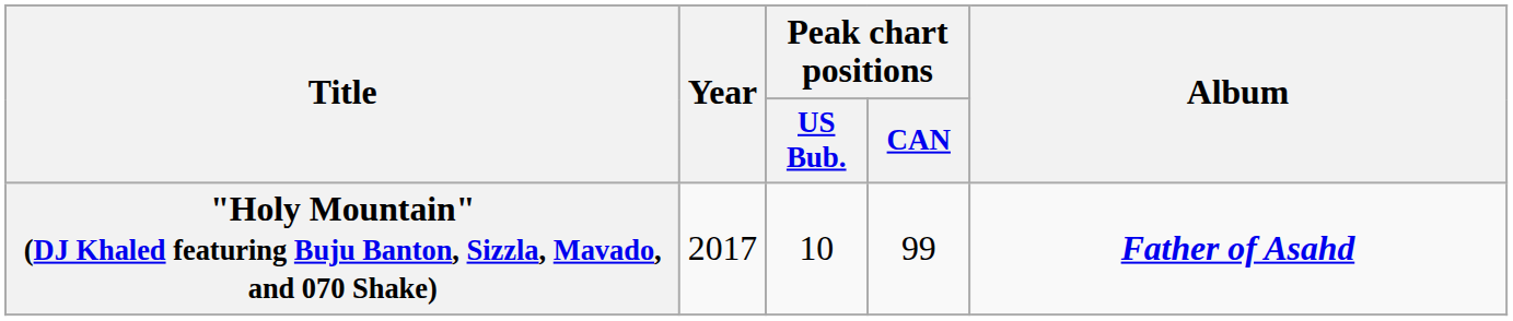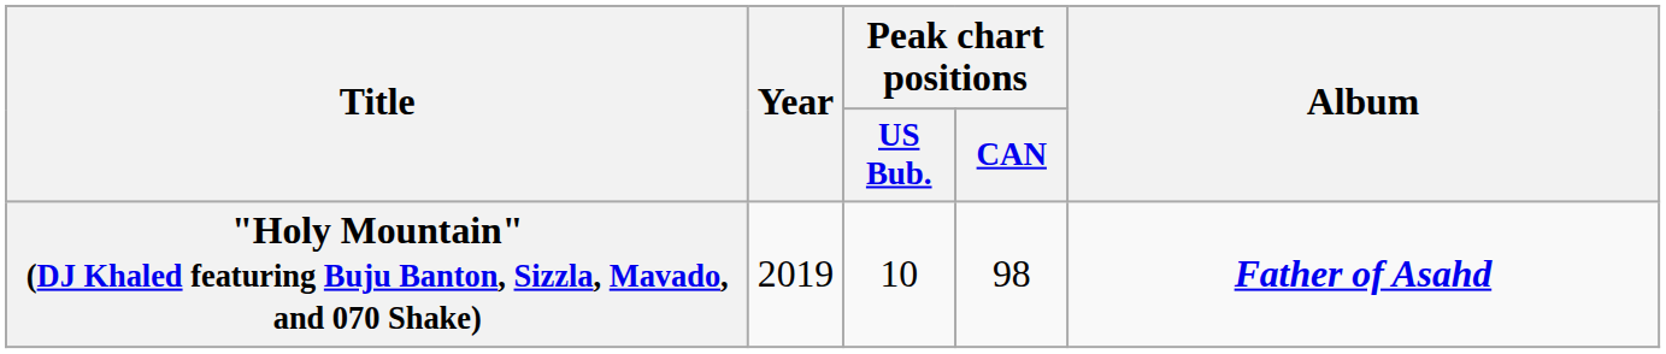 <table class="wikitable plainrowheaders" style="text-align:center;">
 <tr>
 <th scope="col" rowspan="2" style="width:19em;">Title</th>
 <th scope="col" rowspan="2" style="width:1em;">Year</th>
 <th scope="col" colspan="2">Peak chart positions</th>
 <th scope="col" rowspan="2" style="width:15em;">Album</th>
 </tr>
 <tr>
 <th scope="col" style="width:3em;font-size:85%;"><a href='#'>US<br>Bub.</a><br></th>
 <th scope="col" style="width:3em;font-size:85%;"><a href='#'>CAN</a><br></th>
 </tr>
 <tr>
 <th scope="row">"Holy Mountain"<br><small>(<a href='#'>DJ Khaled</a> featuring <a href='#'>Buju Banton</a>, <a href='#'>Sizzla</a>, <a href='#'>Mavado</a>, and 070 Shake)</small></th>
-<td>2017</td>
+<td>2019</td>
 <td>10</td>
-<td>99</td>
+<td>98</td>
 <td><strong><em><a href='#'>Father of Asahd</a></em></strong></td>
 </tr>
 </table>
